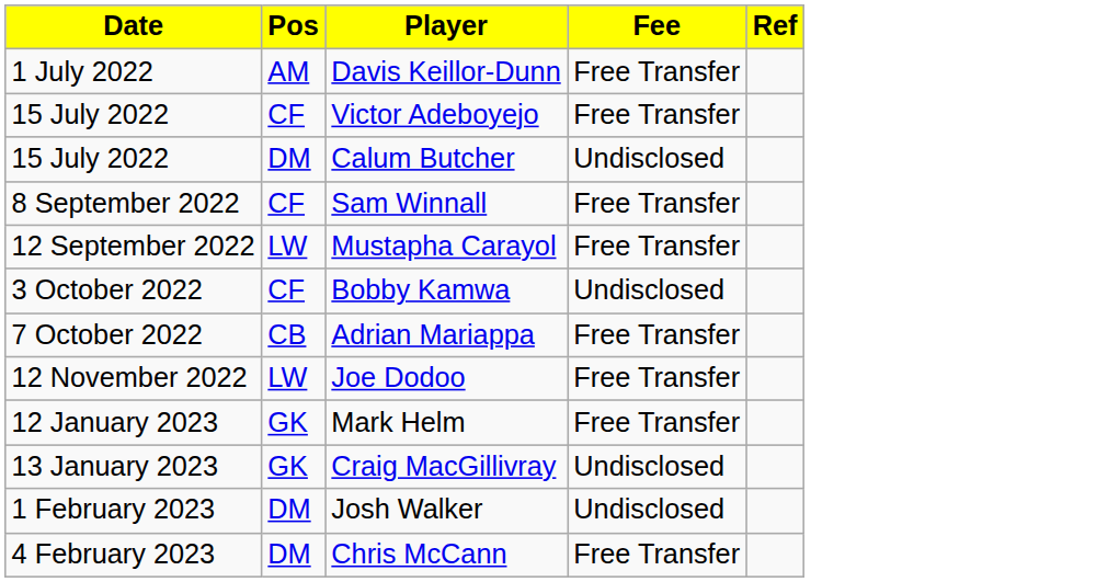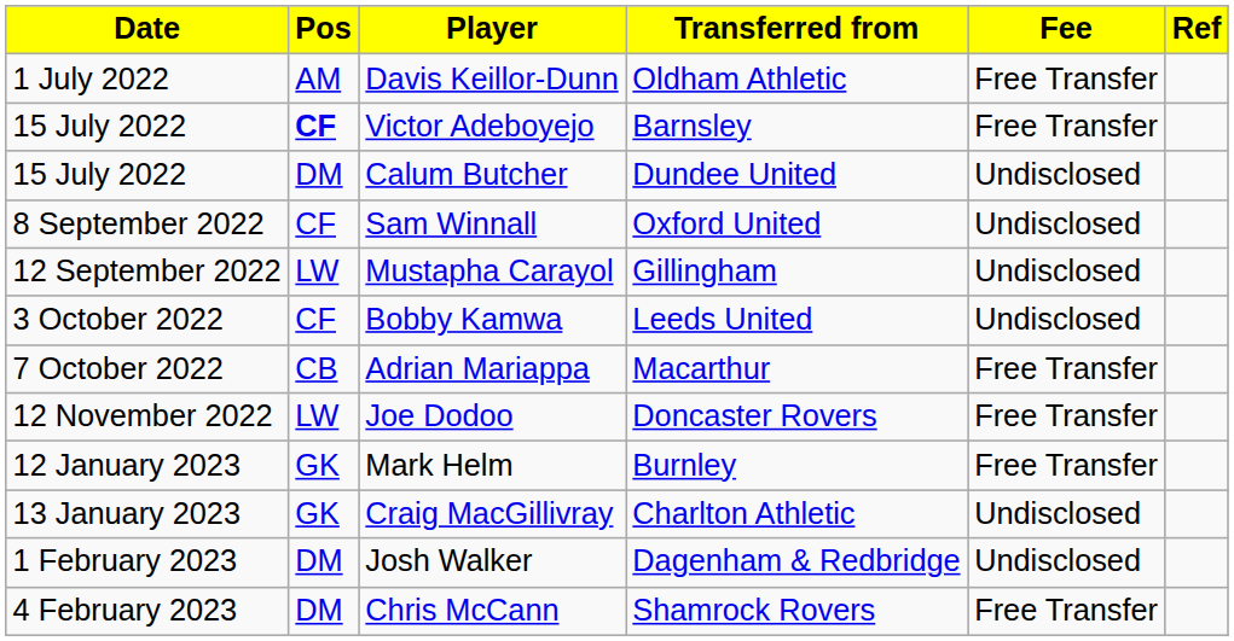 <table class="wikitable plainrowheaders sortable">
 <tr>
 <th style="background-color:#FFFF00; color:#000000; ">Date</th>
 <th style="background-color:#FFFF00; color:#000000; ">Pos</th>
 <th style="background-color:#FFFF00; color:#000000; ">Player</th>
+<th style="background-color:#FFFF00; color:#000000; ">Transferred from</th>
 <th style="background-color:#FFFF00; color:#000000; ">Fee</th>
 <th style="background-color:#FFFF00; color:#000000; ">Ref</th>
 </tr>
 <tr>
 <td>1 July 2022</td>
 <td><a href='#'>AM</a></td>
 <td> <a href='#'>Davis Keillor-Dunn</a></td>
+<td> <a href='#'>Oldham Athletic</a></td>
 <td>Free Transfer</td>
 <td></td>
 </tr>
 <tr>
 <td>15 July 2022</td>
-<td><a href='#'>CF</a></td>
+<td><strong><a href='#'>CF</a></strong></td>
 <td> <a href='#'>Victor Adeboyejo</a></td>
+<td> <a href='#'>Barnsley</a></td>
 <td>Free Transfer</td>
 <td></td>
 </tr>
 <tr>
 <td>15 July 2022</td>
 <td><a href='#'>DM</a></td>
 <td> <a href='#'>Calum Butcher</a></td>
+<td> <a href='#'>Dundee United</a></td>
 <td>Undisclosed</td>
 <td></td>
 </tr>
 <tr>
 <td>8 September 2022</td>
 <td><a href='#'>CF</a></td>
 <td> <a href='#'>Sam Winnall</a></td>
-<td>Free Transfer</td>
+<td> <a href='#'>Oxford United</a></td>
+<td>Undisclosed</td>
 <td></td>
 </tr>
 <tr>
 <td>12 September 2022</td>
 <td><a href='#'>LW</a></td>
 <td> <a href='#'>Mustapha Carayol</a></td>
-<td>Free Transfer</td>
+<td> <a href='#'>Gillingham</a></td>
+<td>Undisclosed</td>
 <td></td>
 </tr>
 <tr>
 <td>3 October 2022</td>
 <td><a href='#'>CF</a></td>
 <td> <a href='#'>Bobby Kamwa</a></td>
+<td> <a href='#'>Leeds United</a></td>
 <td>Undisclosed</td>
 <td></td>
 </tr>
 <tr>
 <td>7 October 2022</td>
 <td><a href='#'>CB</a></td>
 <td> <a href='#'>Adrian Mariappa</a></td>
+<td> <a href='#'>Macarthur</a></td>
 <td>Free Transfer</td>
 <td></td>
 </tr>
 <tr>
 <td>12 November 2022</td>
 <td><a href='#'>LW</a></td>
 <td> <a href='#'>Joe Dodoo</a></td>
+<td> <a href='#'>Doncaster Rovers</a></td>
 <td>Free Transfer</td>
 <td></td>
 </tr>
 <tr>
 <td>12 January 2023</td>
 <td><a href='#'>GK</a></td>
 <td> Mark Helm</td>
+<td> <a href='#'>Burnley</a></td>
 <td>Free Transfer</td>
 <td></td>
 </tr>
 <tr>
 <td>13 January 2023</td>
 <td><a href='#'>GK</a></td>
 <td> <a href='#'>Craig MacGillivray</a></td>
+<td> <a href='#'>Charlton Athletic</a></td>
 <td>Undisclosed</td>
 <td></td>
 </tr>
 <tr>
 <td>1 February 2023</td>
 <td><a href='#'>DM</a></td>
 <td> Josh Walker</td>
+<td> <a href='#'>Dagenham & Redbridge</a></td>
 <td>Undisclosed</td>
 <td></td>
 </tr>
 <tr>
 <td>4 February 2023</td>
 <td><a href='#'>DM</a></td>
 <td> <a href='#'>Chris McCann</a></td>
+<td> <a href='#'>Shamrock Rovers</a></td>
 <td>Free Transfer</td>
 <td></td>
 </tr>
 </table>
